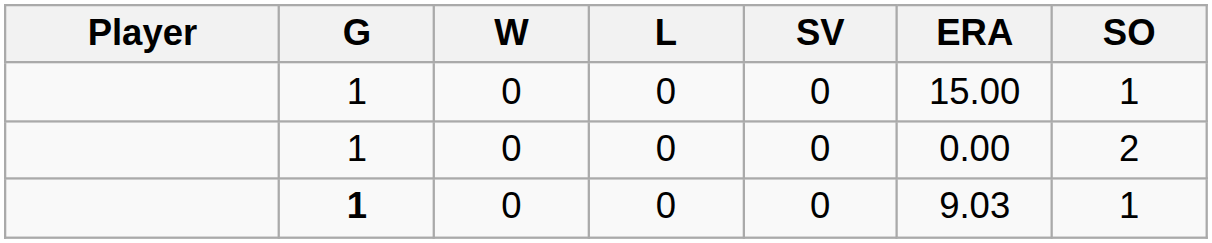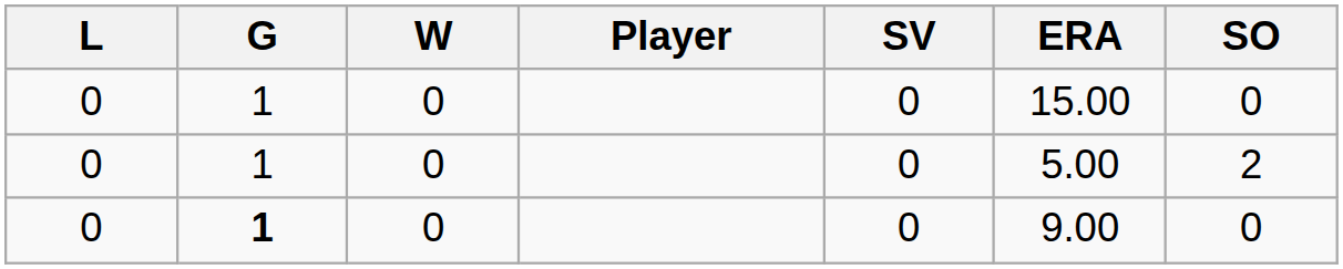 <table class="wikitable sortable">
 <tr>
-<th bgcolor="#DDDDFF" width="16%">Player</th>
+<th bgcolor="#DDDDFF" width="9%">L</th>
 <th bgcolor="#DDDDFF" width="9%">G</th>
 <th bgcolor="#DDDDFF" width="9%">W</th>
-<th bgcolor="#DDDDFF" width="9%">L</th>
+<th bgcolor="#DDDDFF" width="16%">Player</th>
 <th bgcolor="#DDDDFF" width="9%">SV</th>
 <th bgcolor="#DDDDFF" width="9%">ERA</th>
 <th bgcolor="#DDDDFF" width="9%">SO</th>
 </tr>
 <tr align="center">
-<td></td>
+<td>0</td>
 <td>1</td>
 <td>0</td>
-<td>0</td>
+<td></td>
 <td>0</td>
 <td>15.00</td>
-<td>1</td>
+<td>0</td>
 </tr>
 <tr align="center">
-<td></td>
+<td>0</td>
 <td>1</td>
 <td>0</td>
+<td></td>
 <td>0</td>
-<td>0</td>
-<td>0.00</td>
+<td>5.00</td>
 <td>2</td>
 </tr>
 <tr align="center">
-<td></td>
+<td>0</td>
 <td><strong>1</strong></td>
 <td>0</td>
+<td></td>
 <td>0</td>
+<td>9.00</td>
 <td>0</td>
-<td>9.03</td>
-<td>1</td>
 </tr>
 </table>
